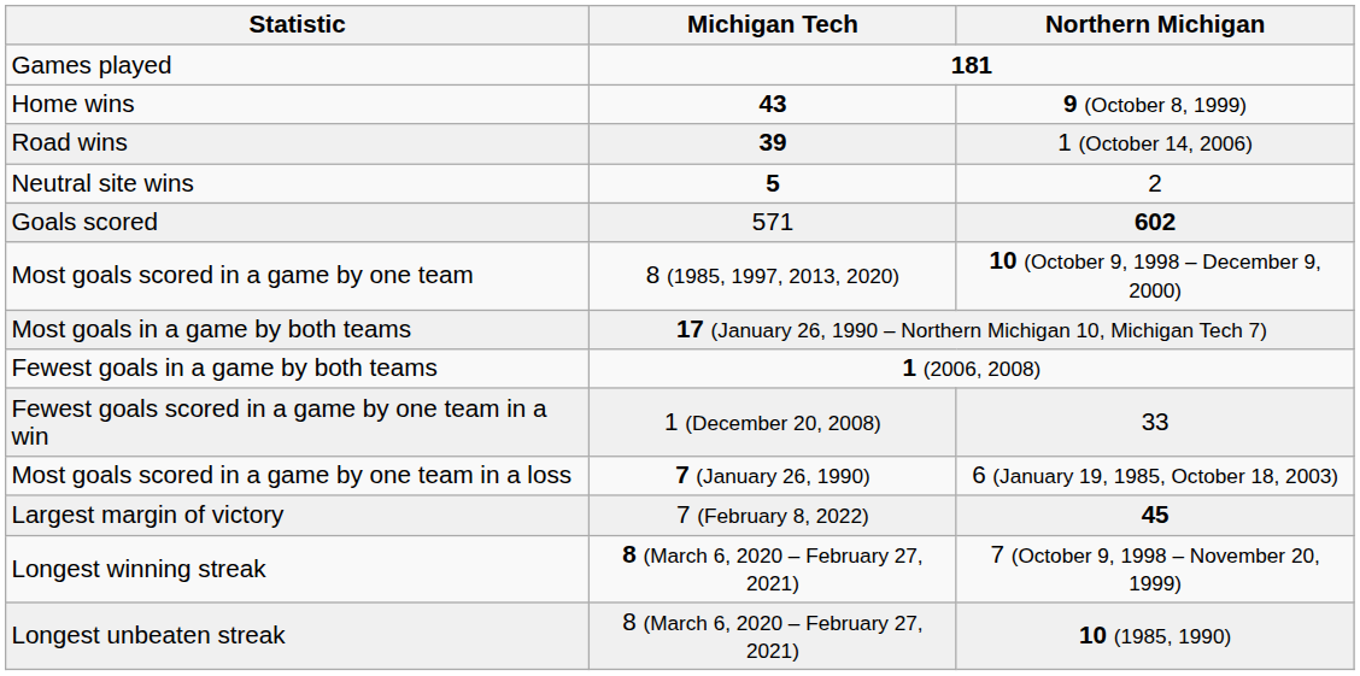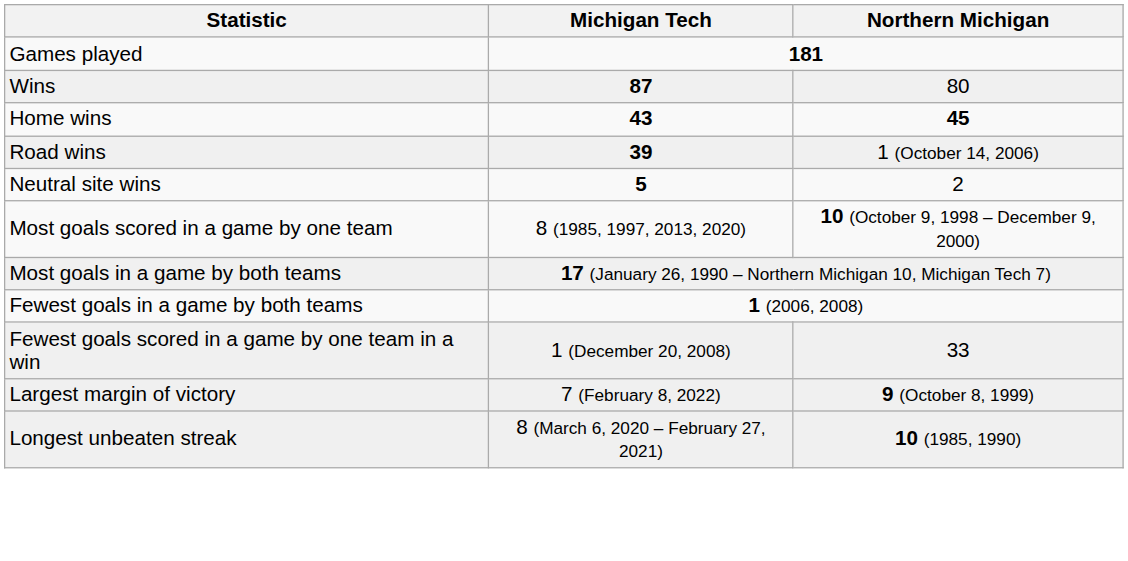 <table class="wikitable">
 <tr>
 <th>Statistic</th>
 <th>Michigan Tech</th>
 <th>Northern Michigan</th>
 </tr>
 <tr>
 <td>Games played</td>
 <td align=center colspan=2><strong>181</strong></td>
 </tr>
+<tr bgcolor=f0f0f0>
+<td>Wins</td>
+<td align=center><strong>87</strong></td>
+<td align=center>80</td>
+</tr>
 <tr>
 <td>Home wins</td>
 <td align=center><strong>43</strong></td>
-<td align=center><strong>9</strong> <small>(October 8, 1999)</small></td>
+<td align=center><strong>45</strong></td>
 </tr>
 <tr bgcolor=f0f0f0>
 <td>Road wins</td>
 <td align=center><strong>39</strong></td>
 <td align=center>1 <small>(October 14, 2006)</small></td>
 </tr>
 <tr>
 <td>Neutral site wins</td>
 <td align=center><strong>5</strong></td>
 <td align=center>2</td>
-</tr>
-<tr bgcolor=f0f0f0>
-<td>Goals scored</td>
-<td align=center>571</td>
-<td align="center"><strong>602</strong></td>
 </tr>
 <tr>
 <td>Most goals scored in a game by one team</td>
 <td align=center>8 <small>(1985, 1997, 2013, 2020)</small></td>
 <td align=center><strong>10</strong> <small>(October 9, 1998 – December 9, 2000)</small></td>
 </tr>
 <tr bgcolor=f0f0f0>
 <td>Most goals in a game by both teams</td>
 <td align=center colspan=2><strong>17</strong> <small>(January 26, 1990 – Northern Michigan 10, Michigan Tech 7)</small></td>
 </tr>
 <tr>
 <td>Fewest goals in a game by both teams</td>
 <td align=center colspan=2><strong>1</strong> <small>(2006, 2008)</small></td>
 </tr>
 <tr bgcolor=f0f0f0>
 <td>Fewest goals scored in a game by one team in a win</td>
 <td align=center>1 <small>(December 20, 2008)</small></td>
 <td align=center>33</td>
 </tr>
-<tr>
-<td>Most goals scored in a game by one team in a loss</td>
-<td align=center><strong>7</strong> <small>(January 26, 1990)</small></td>
-<td align=center>6 <small>(January 19, 1985, October 18, 2003)</small></td>
-</tr>
 <tr bgcolor=f0f0f0>
 <td>Largest margin of victory</td>
 <td align=center>7 <small>(February 8, 2022)</small></td>
-<td align=center><strong>45</strong></td>
-</tr>
-<tr>
-<td>Longest winning streak</td>
-<td align=center><strong>8</strong> <small>(March 6, 2020 – February 27, 2021)</small></td>
-<td align=center>7 <small>(October 9, 1998 – November 20, 1999)</small></td>
+<td align=center><strong>9</strong> <small>(October 8, 1999)</small></td>
 </tr>
 <tr bgcolor=f0f0f0>
 <td>Longest unbeaten streak</td>
 <td align=center>8 <small>(March 6, 2020 – February 27, 2021)</small></td>
 <td align=center><strong>10</strong> <small>(1985, 1990)</small></td>
 </tr>
 </table>
